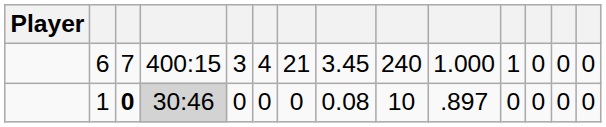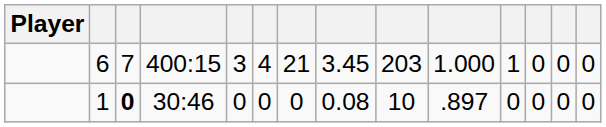 <table class="wikitable sortable" style="text-align:center;">
 <tr>
 <th>Player</th>
 <th></th>
 <th></th>
 <th></th>
 <th></th>
 <th></th>
 <th></th>
 <th></th>
 <th></th>
 <th></th>
 <th></th>
 <th></th>
 <th></th>
 <th></th>
 </tr>
 <tr>
 <td></td>
 <td>6</td>
 <td>7</td>
 <td>400:15</td>
 <td>3</td>
 <td>4</td>
 <td>21</td>
 <td>3.45</td>
-<td>240</td>
+<td>203</td>
 <td>1.000</td>
 <td>1</td>
 <td>0</td>
 <td>0</td>
 <td>0</td>
 </tr>
 <tr>
 <td></td>
 <td>1</td>
 <td><strong>0</strong></td>
-<td style="background: lightgrey;">30:46</td>
+<td>30:46</td>
 <td>0</td>
 <td>0</td>
 <td>0</td>
 <td>0.08</td>
 <td>10</td>
 <td>.897</td>
 <td>0</td>
 <td>0</td>
 <td>0</td>
 <td>0</td>
 </tr>
 </table>
